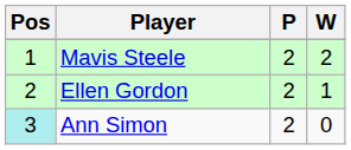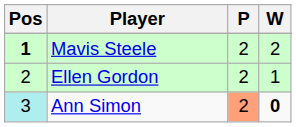 <table class="wikitable">
 <tr>
 <th width=20>Pos</th>
 <th width=150>Player</th>
 <th width=20>P</th>
 <th width=20>W</th>
 </tr>
 <tr>
 </tr>
 <tr align=center style="background: #ccffcc;">
-<td>1</td>
+<td><strong>1</strong></td>
 <td align="left"> <a href='#'>Mavis Steele</a></td>
 <td>2</td>
 <td>2</td>
 </tr>
 <tr align=center style="background: #ccffcc;">
 <td>2</td>
 <td align="left"> <a href='#'>Ellen Gordon</a></td>
 <td>2</td>
 <td>1</td>
 </tr>
 <tr align=center>
 <td style="background: paleturquoise;">3</td>
 <td align="left"> <a href='#'>Ann Simon</a></td>
-<td>2</td>
-<td>0</td>
+<td style="background: lightsalmon;">2</td>
+<td><strong>0</strong></td>
 </tr>
 </table>
